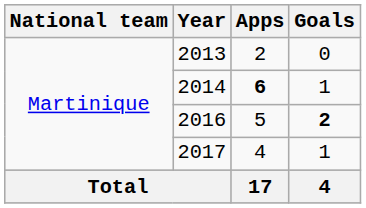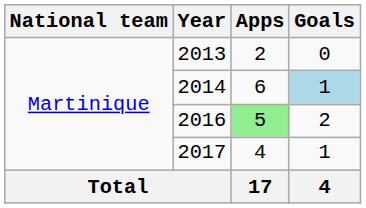 <table class=wikitable style="text-align: center;">
 <tr>
 <th>National team</th>
 <th>Year</th>
 <th>Apps</th>
 <th>Goals</th>
 </tr>
 <tr>
 <td rowspan=4><a href='#'>Martinique</a></td>
 <td>2013</td>
 <td>2</td>
 <td>0</td>
 </tr>
 <tr>
 <td>2014</td>
-<td><strong>6</strong></td>
-<td>1</td>
+<td>6</td>
+<td style="background: lightblue;">1</td>
 </tr>
 <tr>
 <td>2016</td>
-<td>5</td>
-<td><strong>2</strong></td>
+<td style="background: lightgreen;">5</td>
+<td>2</td>
 </tr>
 <tr>
 <td>2017</td>
 <td>4</td>
 <td>1</td>
 </tr>
 <tr>
 <th colspan=2>Total</th>
 <th>17</th>
 <th>4</th>
 </tr>
 </table>
